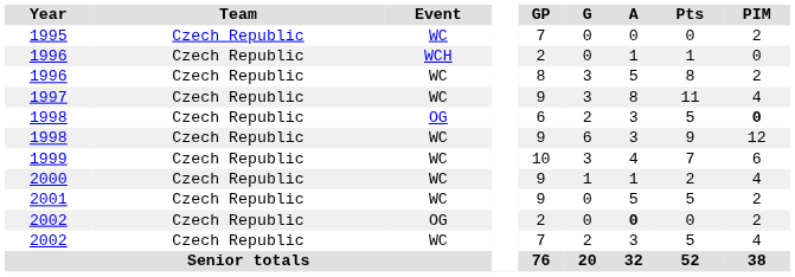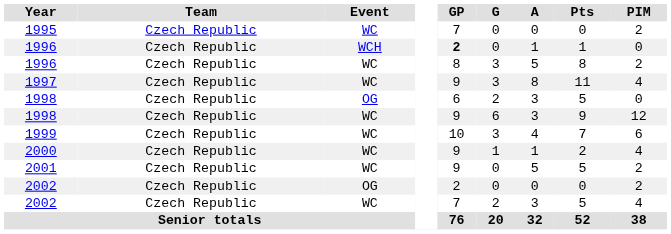 <table border="0" cellpadding="1" cellspacing="0" style="text-align:center; width:50em">
 <tr align="center" bgcolor="#e0e0e0">
 <th>Year</th>
 <th>Team</th>
 <th>Event</th>
 <th rowspan="99" bgcolor="#ffffff"> </th>
 <th>GP</th>
 <th>G</th>
 <th>A</th>
 <th>Pts</th>
 <th>PIM</th>
 </tr>
 <tr>
 <td><a href='#'>1995</a></td>
 <td><a href='#'>Czech Republic</a></td>
 <td><a href='#'>WC</a></td>
 <td>7</td>
 <td>0</td>
 <td>0</td>
 <td>0</td>
 <td>2</td>
 </tr>
 <tr bgcolor="#f0f0f0">
 <td><a href='#'>1996</a></td>
 <td>Czech Republic</td>
 <td><a href='#'>WCH</a></td>
-<td>2</td>
+<td><strong>2</strong></td>
 <td>0</td>
 <td>1</td>
 <td>1</td>
 <td>0</td>
 </tr>
 <tr>
 <td><a href='#'>1996</a></td>
 <td>Czech Republic</td>
 <td>WC</td>
 <td>8</td>
 <td>3</td>
 <td>5</td>
 <td>8</td>
 <td>2</td>
 </tr>
 <tr bgcolor="#f0f0f0">
 <td><a href='#'>1997</a></td>
 <td>Czech Republic</td>
 <td>WC</td>
 <td>9</td>
 <td>3</td>
 <td>8</td>
 <td>11</td>
 <td>4</td>
 </tr>
 <tr>
 <td><a href='#'>1998</a></td>
 <td>Czech Republic</td>
 <td><a href='#'>OG</a></td>
 <td>6</td>
 <td>2</td>
 <td>3</td>
 <td>5</td>
-<td><strong>0</strong></td>
+<td>0</td>
 </tr>
 <tr bgcolor="#f0f0f0">
 <td><a href='#'>1998</a></td>
 <td>Czech Republic</td>
 <td>WC</td>
 <td>9</td>
 <td>6</td>
 <td>3</td>
 <td>9</td>
 <td>12</td>
 </tr>
 <tr>
 <td><a href='#'>1999</a></td>
 <td>Czech Republic</td>
 <td>WC</td>
 <td>10</td>
 <td>3</td>
 <td>4</td>
 <td>7</td>
 <td>6</td>
 </tr>
 <tr bgcolor="#f0f0f0">
 <td><a href='#'>2000</a></td>
 <td>Czech Republic</td>
 <td>WC</td>
 <td>9</td>
 <td>1</td>
 <td>1</td>
 <td>2</td>
 <td>4</td>
 </tr>
 <tr>
 <td><a href='#'>2001</a></td>
 <td>Czech Republic</td>
 <td>WC</td>
 <td>9</td>
 <td>0</td>
 <td>5</td>
 <td>5</td>
 <td>2</td>
 </tr>
 <tr bgcolor="#f0f0f0">
 <td><a href='#'>2002</a></td>
 <td>Czech Republic</td>
 <td>OG</td>
 <td>2</td>
 <td>0</td>
-<td><strong>0</strong></td>
+<td>0</td>
 <td>0</td>
 <td>2</td>
 </tr>
 <tr>
 <td><a href='#'>2002</a></td>
 <td>Czech Republic</td>
 <td>WC</td>
 <td>7</td>
 <td>2</td>
 <td>3</td>
 <td>5</td>
 <td>4</td>
 </tr>
 <tr bgcolor="#e0e0e0">
 <th colspan=3>Senior totals</th>
 <th>76</th>
 <th>20</th>
 <th>32</th>
 <th>52</th>
 <th>38</th>
 </tr>
 </table>
